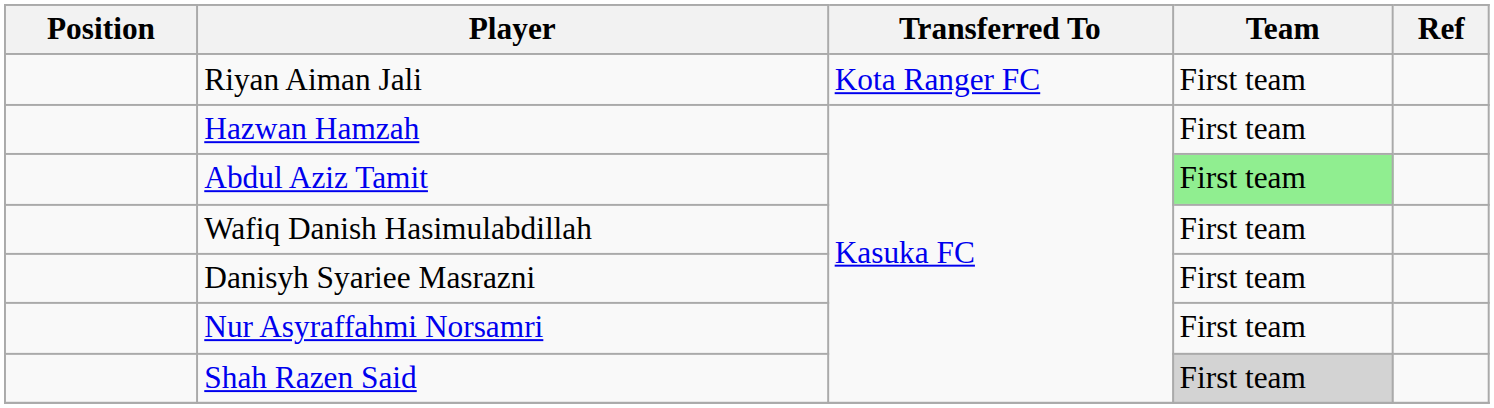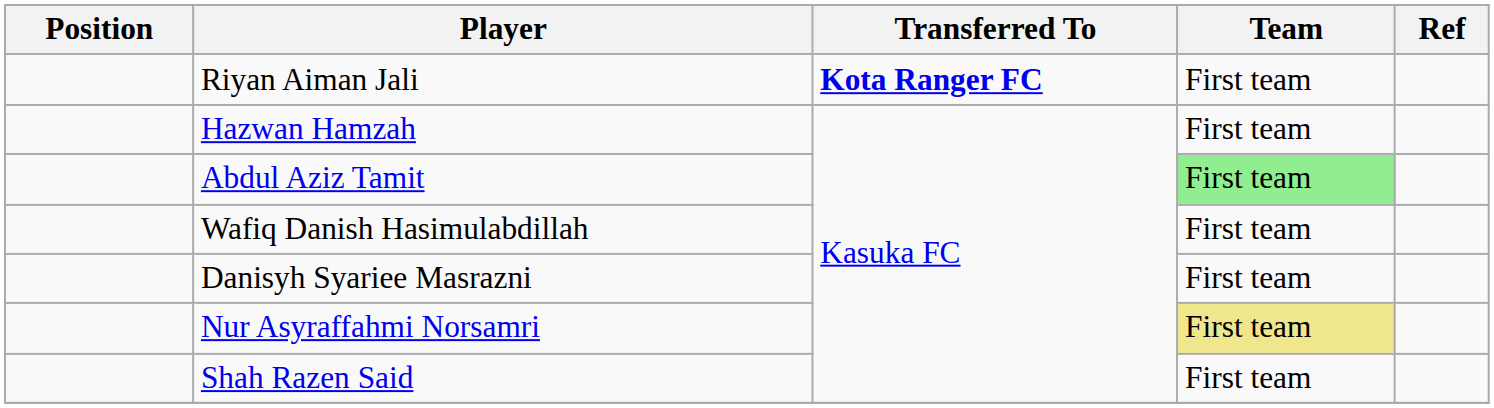 <table class="wikitable sortable" style="width:60%; text-align:center; font-size:100%; text-align:left;">
 <tr>
 <th>Position</th>
 <th>Player</th>
 <th>Transferred To</th>
 <th>Team</th>
 <th>Ref</th>
 </tr>
 <tr>
 <td></td>
 <td> Riyan Aiman Jali</td>
-<td> <a href='#'>Kota Ranger FC</a></td>
+<td><strong> <a href='#'>Kota Ranger FC</a></strong></td>
 <td>First team</td>
 </tr>
 <tr>
 <td></td>
 <td> <a href='#'>Hazwan Hamzah</a></td>
 <td rowspan=6> <a href='#'>Kasuka FC</a></td>
 <td>First team</td>
 <td></td>
 </tr>
 <tr>
 <td></td>
 <td> <a href='#'>Abdul Aziz Tamit</a></td>
 <td style="background: lightgreen;">First team</td>
 <td></td>
 </tr>
 <tr>
 <td></td>
 <td> Wafiq Danish Hasimulabdillah</td>
 <td>First team</td>
 <td></td>
 </tr>
 <tr>
 <td></td>
 <td> Danisyh Syariee Masrazni</td>
 <td>First team</td>
 <td></td>
 </tr>
 <tr>
 <td></td>
 <td> <a href='#'>Nur Asyraffahmi Norsamri</a></td>
-<td>First team</td>
+<td style="background: khaki;">First team</td>
 <td></td>
 </tr>
 <tr>
 <td></td>
 <td> <a href='#'>Shah Razen Said</a></td>
-<td style="background: lightgrey;">First team</td>
+<td>First team</td>
 <td></td>
 </tr>
 <tr>
 </tr>
 </table>
